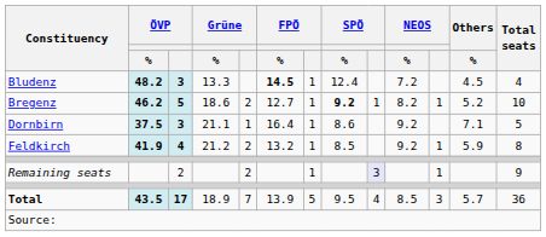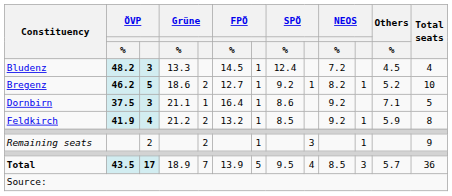 <table class="wikitable" style="text-align:center;font-size:90%;line-height:16px">
 <tr style="height:40px;">
 <th style="width:120px;" rowspan="3">Constituency</th>
 <th style="width:60px;" colspan="2"><a href='#'>ÖVP</a></th>
 <th style="width:60px;" colspan="2"><a href='#'>Grüne</a></th>
 <th style="width:60px;" colspan="2"><a href='#'>FPÖ</a></th>
 <th style="width:60px;" colspan="2"><a href='#'>SPÖ</a></th>
 <th style="width:60px;" colspan="2"><a href='#'>NEOS</a></th>
 <th class="unsortable" style="width:40px;" rowspan="2">Others</th>
 <th class="unsortable" style="width:40px;" rowspan="3">Total<br>seats</th>
 </tr>
 <tr>
 <th colspan="2" style="background:"></th>
 <th colspan="2" style="background:"></th>
 <th colspan="2" style="background:"></th>
 <th colspan="2" style="background:"></th>
 <th colspan="2" style="background:"></th>
 </tr>
 <tr>
 <th class=unsortable>%</th>
 <th class=unsortable></th>
 <th class=unsortable>%</th>
 <th class=unsortable></th>
 <th class=unsortable>%</th>
 <th class=unsortable></th>
 <th class=unsortable>%</th>
 <th class=unsortable></th>
 <th class=unsortable>%</th>
 <th class=unsortable></th>
 <th class=unsortable>%</th>
 </tr>
 <tr>
 <td align=left><a href='#'>Bludenz</a></td>
 <td bgcolor=#D2EDF1><strong>48.2</strong></td>
 <td bgcolor=#D2EDF1><strong>3</strong></td>
 <td>13.3</td>
 <td></td>
-<td><strong>14.5</strong></td>
+<td>14.5</td>
 <td>1</td>
 <td>12.4</td>
 <td></td>
 <td>7.2</td>
 <td></td>
 <td>4.5</td>
 <td>4</td>
 </tr>
 <tr>
 <td align=left><a href='#'>Bregenz</a></td>
 <td bgcolor=#D2EDF1><strong>46.2</strong></td>
 <td bgcolor=#D2EDF1><strong>5</strong></td>
 <td>18.6</td>
 <td>2</td>
 <td>12.7</td>
 <td>1</td>
-<td><strong>9.2</strong></td>
+<td>9.2</td>
 <td>1</td>
 <td>8.2</td>
 <td>1</td>
 <td>5.2</td>
 <td>10</td>
 </tr>
 <tr>
 <td align=left><a href='#'>Dornbirn</a></td>
 <td bgcolor=#D2EDF1><strong>37.5</strong></td>
 <td bgcolor=#D2EDF1><strong>3</strong></td>
 <td>21.1</td>
 <td>1</td>
 <td>16.4</td>
 <td>1</td>
 <td>8.6</td>
 <td></td>
 <td>9.2</td>
 <td></td>
 <td>7.1</td>
 <td>5</td>
 </tr>
 <tr>
 <td align=left><a href='#'>Feldkirch</a></td>
 <td bgcolor=#D2EDF1><strong>41.9</strong></td>
 <td bgcolor=#D2EDF1><strong>4</strong></td>
 <td>21.2</td>
 <td>2</td>
 <td>13.2</td>
 <td>1</td>
 <td>8.5</td>
 <td></td>
 <td>9.2</td>
 <td>1</td>
 <td>5.9</td>
 <td>8</td>
 </tr>
 <tr>
 <td colspan=13 bgcolor=lightgrey></td>
 </tr>
 <tr>
 <td align=left><em>Remaining seats</em></td>
 <td></td>
 <td>2</td>
 <td></td>
 <td>2</td>
 <td></td>
 <td>1</td>
 <td></td>
-<td style="background: lavender;">3</td>
+<td>3</td>
 <td></td>
 <td>1</td>
 <td></td>
 <td>9</td>
 </tr>
 <tr>
 <td colspan=13 bgcolor=lightgrey></td>
 </tr>
 <tr>
 <td align=left><strong>Total</strong></td>
 <td bgcolor=#D2EDF1><strong>43.5</strong></td>
 <td bgcolor=#D2EDF1><strong>17</strong></td>
 <td>18.9</td>
 <td>7</td>
 <td>13.9</td>
 <td>5</td>
 <td>9.5</td>
 <td>4</td>
 <td>8.5</td>
 <td>3</td>
 <td>5.7</td>
 <td>36</td>
 </tr>
 <tr class=sortbottom>
 <td colspan=13 align=left>Source: </td>
 </tr>
 </table>
